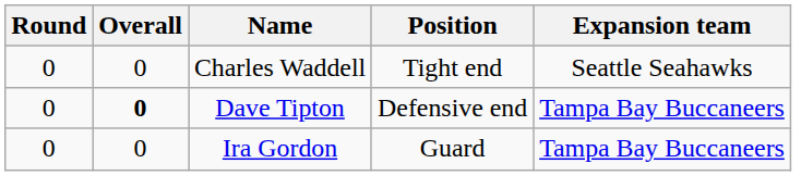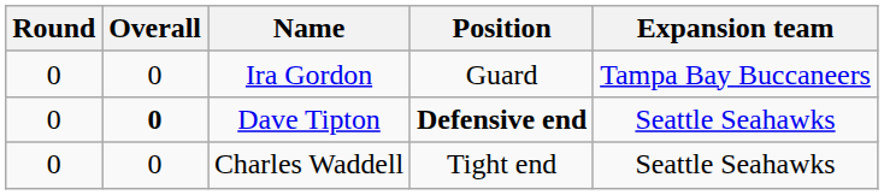 <table class="wikitable" style="text-align:center">
 <tr>
 <th>Round</th>
 <th>Overall</th>
 <th>Name</th>
 <th>Position</th>
 <th>Expansion team</th>
 </tr>
 <tr>
 <td>0</td>
 <td>0</td>
-<td>Charles Waddell</td>
-<td>Tight end</td>
-<td>Seattle Seahawks</td>
+<td><a href='#'>Ira Gordon</a></td>
+<td>Guard</td>
+<td><a href='#'>Tampa Bay Buccaneers</a></td>
 </tr>
 <tr>
 <td>0</td>
 <td><strong>0</strong></td>
 <td><a href='#'>Dave Tipton</a></td>
-<td>Defensive end</td>
-<td><a href='#'>Tampa Bay Buccaneers</a></td>
+<td><strong>Defensive end</strong></td>
+<td><a href='#'>Seattle Seahawks</a></td>
 </tr>
 <tr>
 <td>0</td>
 <td>0</td>
-<td><a href='#'>Ira Gordon</a></td>
-<td>Guard</td>
-<td><a href='#'>Tampa Bay Buccaneers</a></td>
+<td>Charles Waddell</td>
+<td>Tight end</td>
+<td>Seattle Seahawks</td>
 </tr>
 </table>
